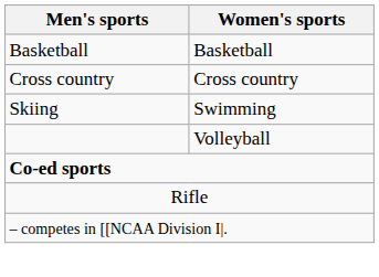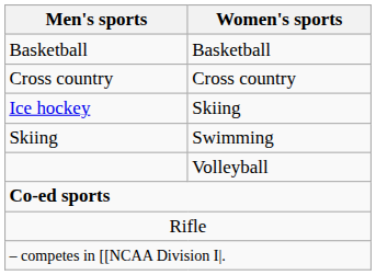 <table class="wikitable"; style= "text-align: ">
 <tr>
 <th width=150px>Men's sports</th>
 <th width=150px>Women's sports</th>
 </tr>
 <tr>
 <td>Basketball</td>
 <td>Basketball</td>
 </tr>
 <tr>
 <td>Cross country</td>
 <td>Cross country</td>
+</tr>
+<tr>
+<td><a href='#'>Ice hockey</a></td>
+<td>Skiing</td>
 </tr>
 <tr>
 <td>Skiing</td>
 <td>Swimming</td>
 </tr>
 <tr>
 <td></td>
 <td>Volleyball</td>
 </tr>
 <tr>
 <td colspan="2"><strong>Co-ed sports</strong></td>
 </tr>
 <tr style="text-align:center">
 <td colspan="2">Rifle</td>
 </tr>
 <tr>
 <td colspan="2"><small> – competes in [[NCAA Division I|.</small></td>
 </tr>
 </table>
